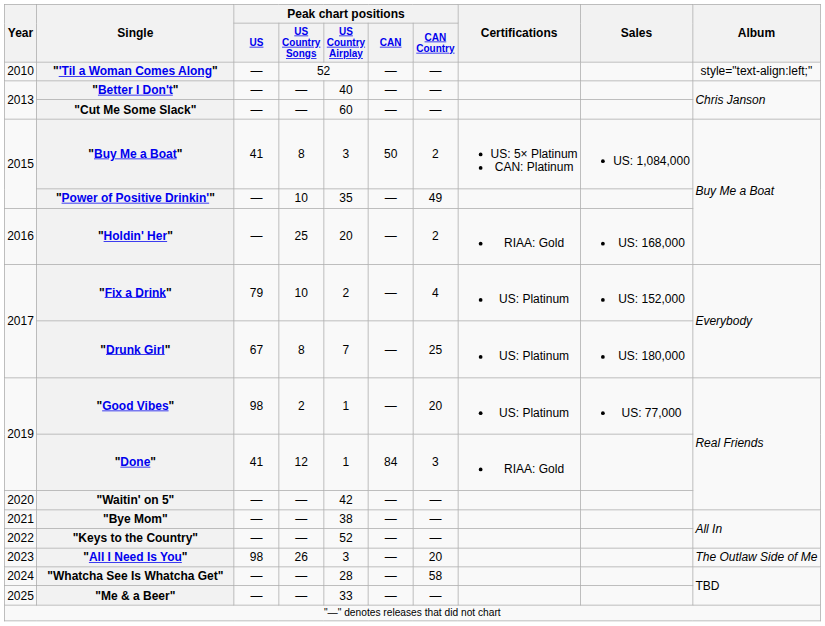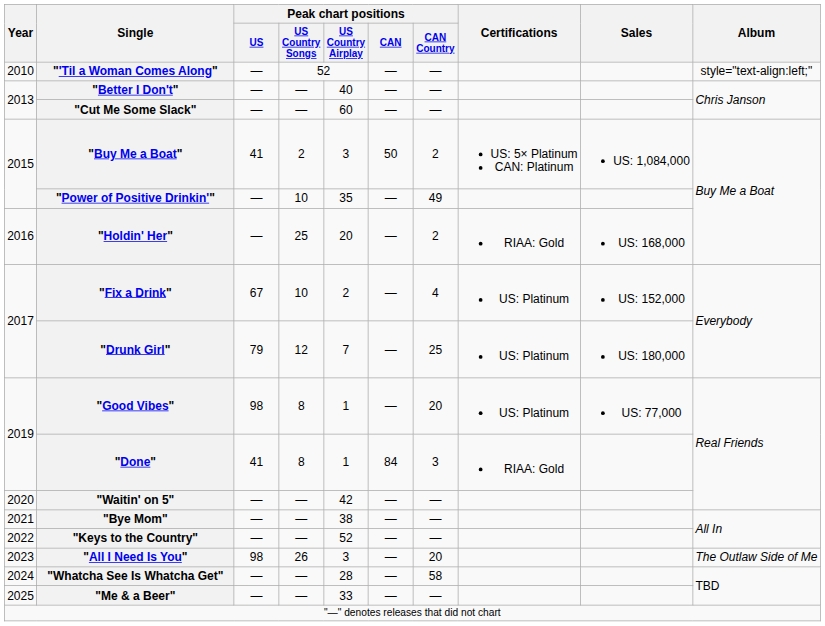 <table class="wikitable plainrowheaders" style="text-align:center;">
 <tr>
 <th rowspan="2">Year</th>
 <th rowspan="2" style="width:16em;">Single</th>
 <th colspan="5">Peak chart positions</th>
 <th rowspan="2">Certifications</th>
 <th rowspan="2">Sales</th>
 <th rowspan="2">Album</th>
 </tr>
 <tr style="font-size:smaller;">
 <th style="width:4em;"><a href='#'>US</a><br></th>
 <th style="width:4em;"><a href='#'>US Country Songs</a><br></th>
 <th style="width:4em;"><a href='#'>US Country Airplay</a><br></th>
 <th style="width:4em;"><a href='#'>CAN</a><br></th>
 <th style="width:4em;"><a href='#'>CAN Country</a><br></th>
 </tr>
 <tr>
 <td>2010</td>
 <th scope="row">"<a href='#'>'Til a Woman Comes Along</a>"</th>
 <td>—</td>
 <td colspan="2">52</td>
 <td>—</td>
 <td>—</td>
 <td></td>
 <td></td>
 <td>style="text-align:left;" </td>
 </tr>
 <tr>
 <td rowspan="2">2013</td>
 <th scope="row">"<a href='#'>Better I Don't</a>"</th>
 <td>—</td>
 <td>—</td>
 <td>40</td>
 <td>—</td>
 <td>—</td>
 <td></td>
 <td></td>
 <td style="text-align:left;" rowspan="2"><em>Chris Janson</em></td>
 </tr>
 <tr>
 <th scope="row">"Cut Me Some Slack"</th>
 <td>—</td>
 <td>—</td>
 <td>60</td>
 <td>—</td>
 <td>—</td>
 <td></td>
 <td></td>
 </tr>
 <tr>
 <td rowspan="2">2015</td>
 <th scope="row">"<a href='#'>Buy Me a Boat</a>"</th>
 <td>41</td>
-<td>8</td>
+<td>2</td>
 <td>3</td>
 <td>50</td>
 <td>2</td>
 <td><br><ul><li>US: 5× Platinum</li><li>CAN: Platinum</li></ul></td>
 <td><br><ul><li>US: 1,084,000</li></ul></td>
 <td style="text-align:left;" rowspan="3"><em>Buy Me a Boat</em></td>
 </tr>
 <tr>
 <th scope="row">"<a href='#'>Power of Positive Drinkin'</a>"</th>
 <td>—</td>
 <td>10</td>
 <td>35</td>
 <td>—</td>
 <td>49</td>
 <td></td>
 <td></td>
 </tr>
 <tr>
 <td>2016</td>
 <th scope="row">"<a href='#'>Holdin' Her</a>"</th>
 <td>—</td>
 <td>25</td>
 <td>20</td>
 <td>—</td>
 <td>2</td>
 <td><br><ul><li>RIAA: Gold</li></ul></td>
 <td><br><ul><li>US: 168,000</li></ul></td>
 </tr>
 <tr>
 <td rowspan="2">2017</td>
 <th scope="row">"<a href='#'>Fix a Drink</a>"</th>
-<td>79</td>
+<td>67</td>
 <td>10</td>
 <td>2</td>
 <td>—</td>
 <td>4</td>
 <td><br><ul><li>US: Platinum</li></ul></td>
 <td><br><ul><li>US: 152,000</li></ul></td>
 <td style="text-align:left;" rowspan="2"><em>Everybody</em></td>
 </tr>
 <tr>
 <th scope="row">"<a href='#'>Drunk Girl</a>"</th>
-<td>67</td>
-<td>8</td>
+<td>79</td>
+<td>12</td>
 <td>7</td>
 <td>—</td>
 <td>25</td>
 <td><br><ul><li>US: Platinum</li></ul></td>
 <td><br><ul><li>US: 180,000</li></ul></td>
 </tr>
 <tr>
 <td rowspan="2">2019</td>
 <th scope="row">"<a href='#'>Good Vibes</a>"</th>
 <td>98</td>
-<td>2</td>
+<td>8</td>
 <td>1</td>
 <td>—</td>
 <td>20</td>
 <td><br><ul><li>US: Platinum</li></ul></td>
 <td><br><ul><li>US: 77,000</li></ul></td>
 <td style="text-align:left;" rowspan="3"><em>Real Friends</em></td>
 </tr>
 <tr>
 <th scope="row">"<a href='#'>Done</a>"</th>
 <td>41</td>
-<td>12</td>
+<td>8</td>
 <td>1</td>
 <td>84</td>
 <td>3</td>
 <td><br><ul><li>RIAA: Gold</li></ul></td>
 <td></td>
 </tr>
 <tr>
 <td>2020</td>
 <th scope="row">"Waitin' on 5"</th>
 <td>—</td>
 <td>—</td>
 <td>42</td>
 <td>—</td>
 <td>—</td>
 <td></td>
 <td></td>
 </tr>
 <tr>
 <td>2021</td>
 <th scope="row">"Bye Mom"</th>
 <td>—</td>
 <td>—</td>
 <td>38</td>
 <td>—</td>
 <td>—</td>
 <td></td>
 <td></td>
 <td style="text-align:left;" rowspan="2"><em>All In</em></td>
 </tr>
 <tr>
 <td>2022</td>
 <th scope="row">"Keys to the Country"</th>
 <td>—</td>
 <td>—</td>
 <td>52</td>
 <td>—</td>
 <td>—</td>
 <td></td>
 <td></td>
 </tr>
 <tr>
 <td>2023</td>
 <th scope="row">"<a href='#'>All I Need Is You</a>"</th>
 <td>98</td>
 <td>26</td>
 <td>3</td>
 <td>—</td>
 <td>20</td>
 <td></td>
 <td></td>
 <td style="text-align:left;"><em>The Outlaw Side of Me</em></td>
 </tr>
 <tr>
 <td>2024</td>
 <th scope="row">"Whatcha See Is Whatcha Get"</th>
 <td>—</td>
 <td>—</td>
 <td>28</td>
 <td>—</td>
 <td>58</td>
 <td></td>
 <td></td>
 <td rowspan="2" style="text-align:left;">TBD</td>
 </tr>
 <tr>
 <td>2025</td>
 <th scope="row">"Me & a Beer"</th>
 <td>—</td>
 <td>—</td>
 <td>33</td>
 <td>—</td>
 <td>—</td>
 <td></td>
 <td></td>
 </tr>
 <tr>
 <td colspan="10" style="font-size:85%">"—" denotes releases that did not chart</td>
 </tr>
 </table>
